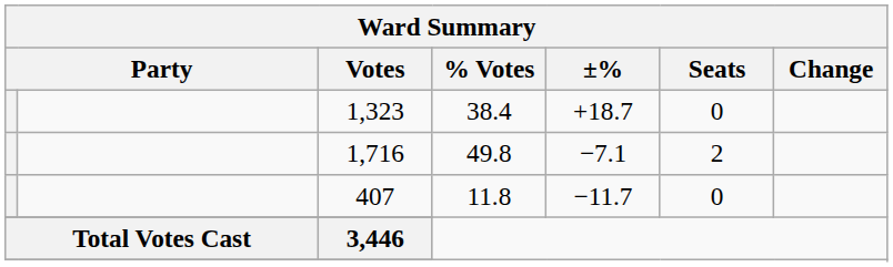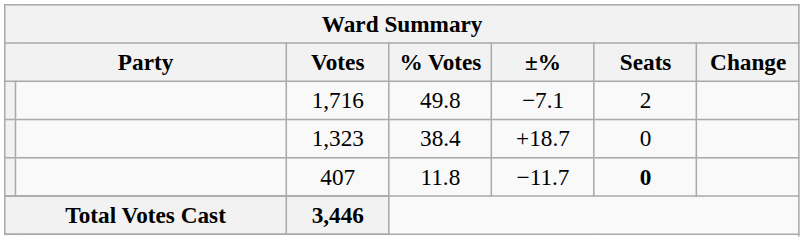 <table class="wikitable" style="font-size: 95%;">
 <tr style="background-color:#E9E9E9">
 <th colspan="7">Ward Summary</th>
 </tr>
 <tr style="background-color:#E9E9E9">
 <th colspan="2">Party</th>
 <th style="width: 60px">Votes</th>
 <th style="width: 60px">% Votes</th>
 <th style="width: 60px">±%</th>
 <th style="width: 60px">Seats</th>
 <th style="width: 60px">Change</th>
 </tr>
 <tr>
 <th style="background-color: "></th>
 <td style="width: 170px"><a href='#'></a></td>
+<td align="center">1,716</td>
+<td align="center">49.8</td>
+<td align="center">−7.1</td>
+<td align="center">2</td>
+<td align="center"></td>
+</tr>
+<tr>
+<th style="background-color: "></th>
+<td style="width: 170px"><a href='#'></a></td>
 <td align="center">1,323</td>
 <td align="center">38.4</td>
 <td align="center">+18.7</td>
 <td align="center">0</td>
 <td align="center"></td>
 </tr>
 <tr>
 <th style="background-color: "></th>
 <td style="width: 170px"><a href='#'></a></td>
-<td align="center">1,716</td>
-<td align="center">49.8</td>
-<td align="center">−7.1</td>
-<td align="center">2</td>
-<td align="center"></td>
-</tr>
-<tr>
-<th style="background-color: "></th>
-<td style="width: 170px"><a href='#'></a></td>
 <td align="center">407</td>
 <td align="center">11.8</td>
 <td align="center">−11.7</td>
-<td align="center">0</td>
+<td align="center"><strong>0</strong></td>
 <td align="center"></td>
 </tr>
 <tr>
 </tr>
 <tr style="background-color:#E9E9E9">
 <th colspan="2">Total Votes Cast</th>
 <th style="width: 60px">3,446</th>
 </tr>
 <tr style="background-color:#E9E9E9">
 </tr>
 </table>
